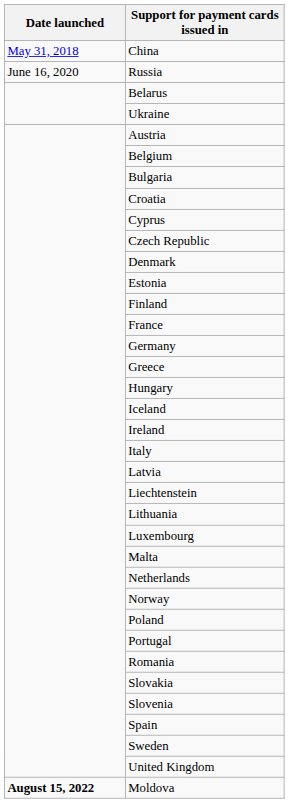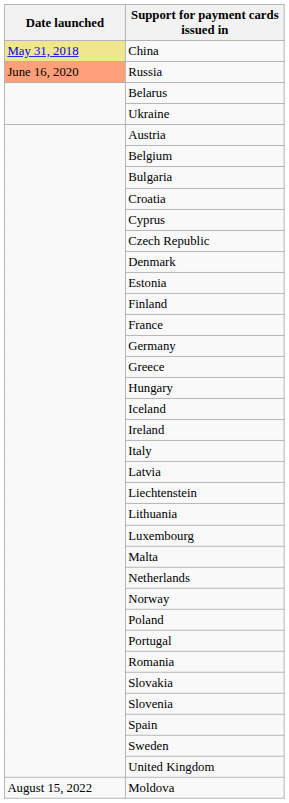 <table class="wikitable sortable" style="font-size:95%">
 <tr>
 <th style="width:9em;">Date launched</th>
 <th style="width:12em;">Support for payment cards issued in</th>
 </tr>
 <tr>
-<td><a href='#'>May 31, 2018</a></td>
+<td style="background: khaki;"><a href='#'>May 31, 2018</a></td>
 <td>China</td>
 </tr>
 <tr>
-<td>June 16, 2020</td>
+<td style="background: lightsalmon;">June 16, 2020</td>
 <td>Russia</td>
 </tr>
 <tr>
 <td rowspan="2"></td>
 <td>Belarus</td>
 </tr>
 <tr>
 <td>Ukraine</td>
 </tr>
 <tr>
 <td rowspan="31"></td>
 <td>Austria</td>
 </tr>
 <tr>
 <td>Belgium</td>
 </tr>
 <tr>
 <td>Bulgaria</td>
 </tr>
 <tr>
 <td>Croatia</td>
 </tr>
 <tr>
 <td>Cyprus</td>
 </tr>
 <tr>
 <td>Czech Republic</td>
 </tr>
 <tr>
 <td>Denmark</td>
 </tr>
 <tr>
 <td>Estonia</td>
 </tr>
 <tr>
 <td>Finland</td>
 </tr>
 <tr>
 <td>France</td>
 </tr>
 <tr>
 <td>Germany</td>
 </tr>
 <tr>
 <td>Greece</td>
 </tr>
 <tr>
 <td>Hungary</td>
 </tr>
 <tr>
 <td>Iceland</td>
 </tr>
 <tr>
 <td>Ireland</td>
 </tr>
 <tr>
 <td>Italy</td>
 </tr>
 <tr>
 <td>Latvia</td>
 </tr>
 <tr>
 <td>Liechtenstein</td>
 </tr>
 <tr>
 <td>Lithuania</td>
 </tr>
 <tr>
 <td>Luxembourg</td>
 </tr>
 <tr>
 <td>Malta</td>
 </tr>
 <tr>
 <td>Netherlands</td>
 </tr>
 <tr>
 <td>Norway</td>
 </tr>
 <tr>
 <td>Poland</td>
 </tr>
 <tr>
 <td>Portugal</td>
 </tr>
 <tr>
 <td>Romania</td>
 </tr>
 <tr>
 <td>Slovakia</td>
 </tr>
 <tr>
 <td>Slovenia</td>
 </tr>
 <tr>
 <td>Spain</td>
 </tr>
 <tr>
 <td>Sweden</td>
 </tr>
 <tr>
 <td>United Kingdom</td>
 </tr>
 <tr>
-<td><strong>August 15, 2022</strong></td>
+<td>August 15, 2022</td>
 <td>Moldova</td>
 </tr>
 </table>
